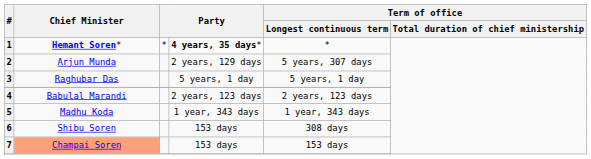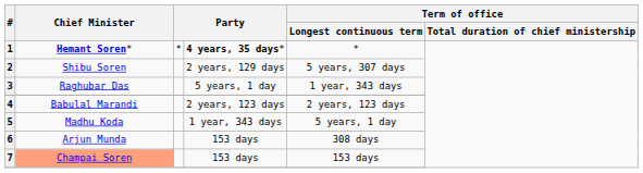 <table class="wikitable sortable" style="line-height:1.4em; text-align:center">
 <tr>
 <th data-sort-type=number rowspan = "2">#</th>
 <th rowspan="2" style="width:16em">Chief Minister</th>
 <th rowspan="2" colspan=2 style="width:8em">Party</th>
 <th colspan="2">Term of office</th>
 </tr>
 <tr>
 <th>Longest continuous term</th>
 <th>Total duration of chief ministership</th>
 </tr>
 <tr>
 <th data-sort-value="1">1</th>
 <td><strong><a href='#'>Hemant Soren</a></strong>*</td>
 <td>*</td>
 <td><strong>4 years, 35 days</strong>*</td>
 <td><strong></strong>*</td>
 </tr>
 <tr>
 <th data-sort-value="2">2</th>
-<td><a href='#'>Arjun Munda</a></td>
+<td><a href='#'>Shibu Soren</a></td>
 <td></td>
 <td>2 years, 129 days</td>
 <td>5 years, 307 days</td>
 </tr>
 <tr>
 <th data-sort-value="3">3</th>
 <td><a href='#'>Raghubar Das</a></td>
 <td></td>
 <td>5 years, 1 day</td>
-<td>5 years, 1 day</td>
+<td>1 year, 343 days</td>
 </tr>
 <tr>
 </tr>
 <tr>
 <th data-sort-value="4">4</th>
 <td><a href='#'>Babulal Marandi</a></td>
 <td></td>
 <td>2 years, 123 days</td>
 <td>2 years, 123 days</td>
 </tr>
 <tr>
 <th data-sort-value="5">5</th>
 <td><a href='#'>Madhu Koda</a></td>
 <td></td>
 <td>1 year, 343 days</td>
-<td>1 year, 343 days</td>
+<td>5 years, 1 day</td>
 </tr>
 <tr>
 <th data-sort-value="6">6</th>
-<td><a href='#'>Shibu Soren</a></td>
+<td><a href='#'>Arjun Munda</a></td>
 <td></td>
 <td>153 days</td>
 <td>308 days</td>
 </tr>
 <tr>
 <th data-sort-value="7">7</th>
 <td style="background: lightsalmon;"><a href='#'>Champai Soren</a></td>
 <td></td>
 <td>153 days</td>
 <td>153 days</td>
 </tr>
 <tr>
 </tr>
 </table>
